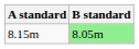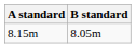 <table class="wikitable" border="1" align="upright">
 <tr>
 <th>A standard</th>
 <th>B standard</th>
 </tr>
 <tr>
 <td>8.15m</td>
-<td style="background: lightgreen;">8.05m</td>
+<td>8.05m</td>
 </tr>
 </table>
